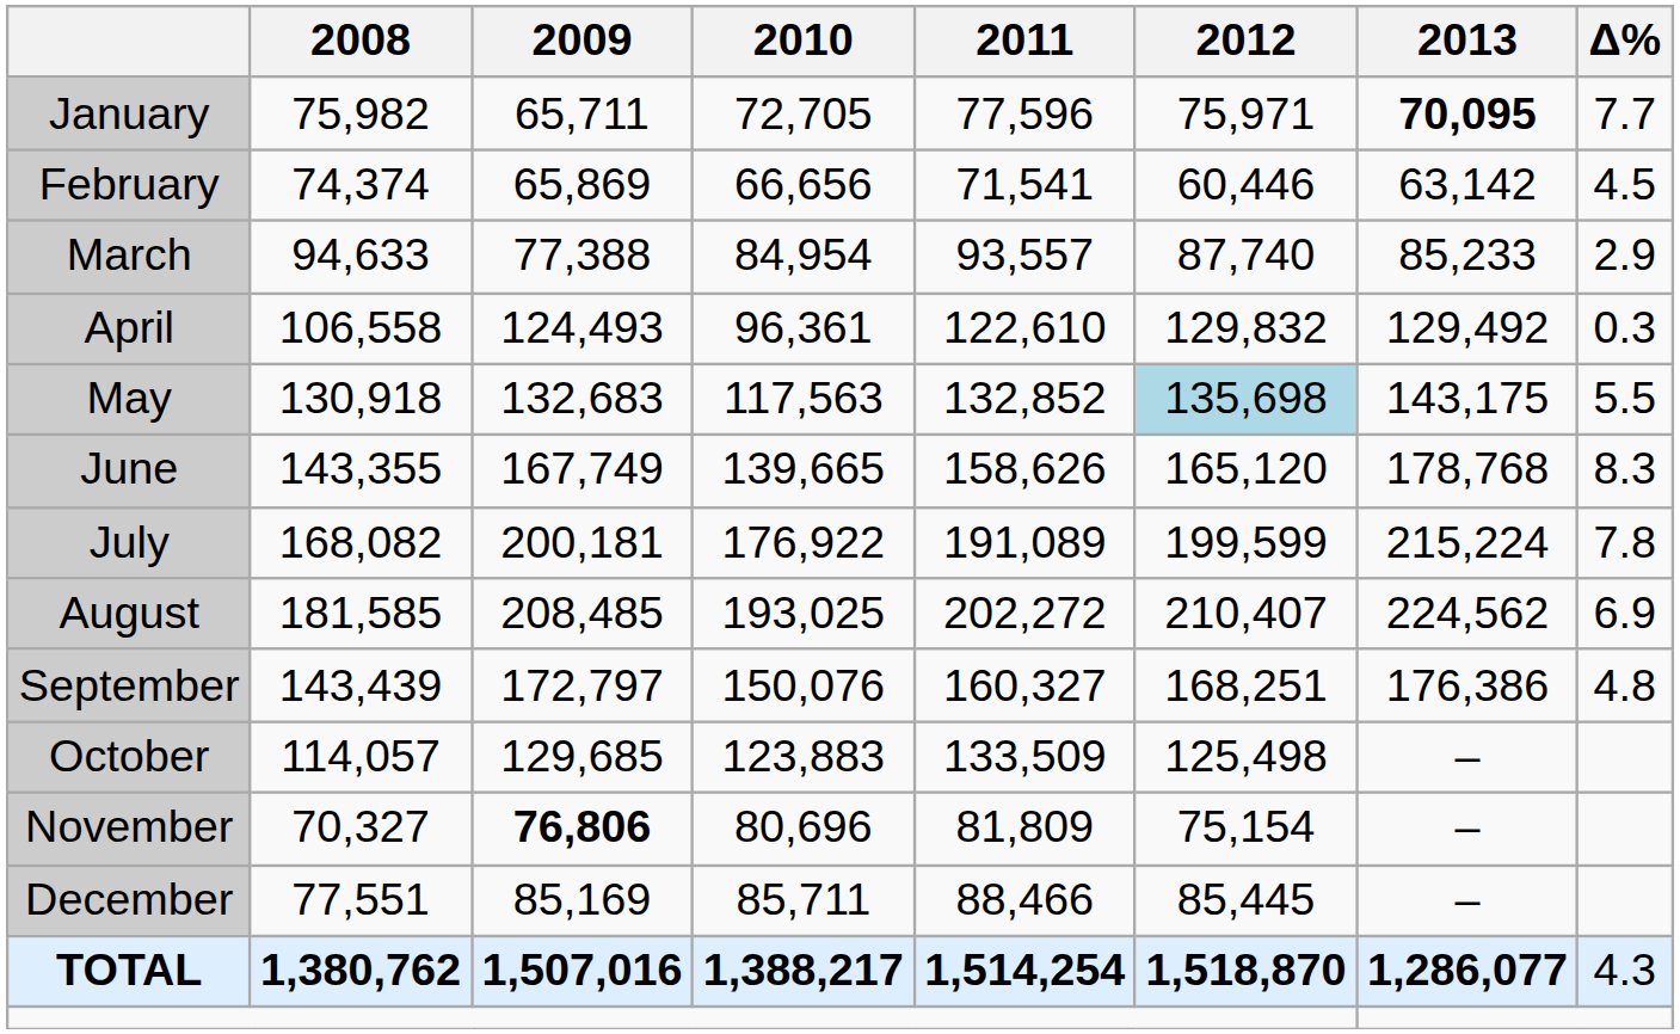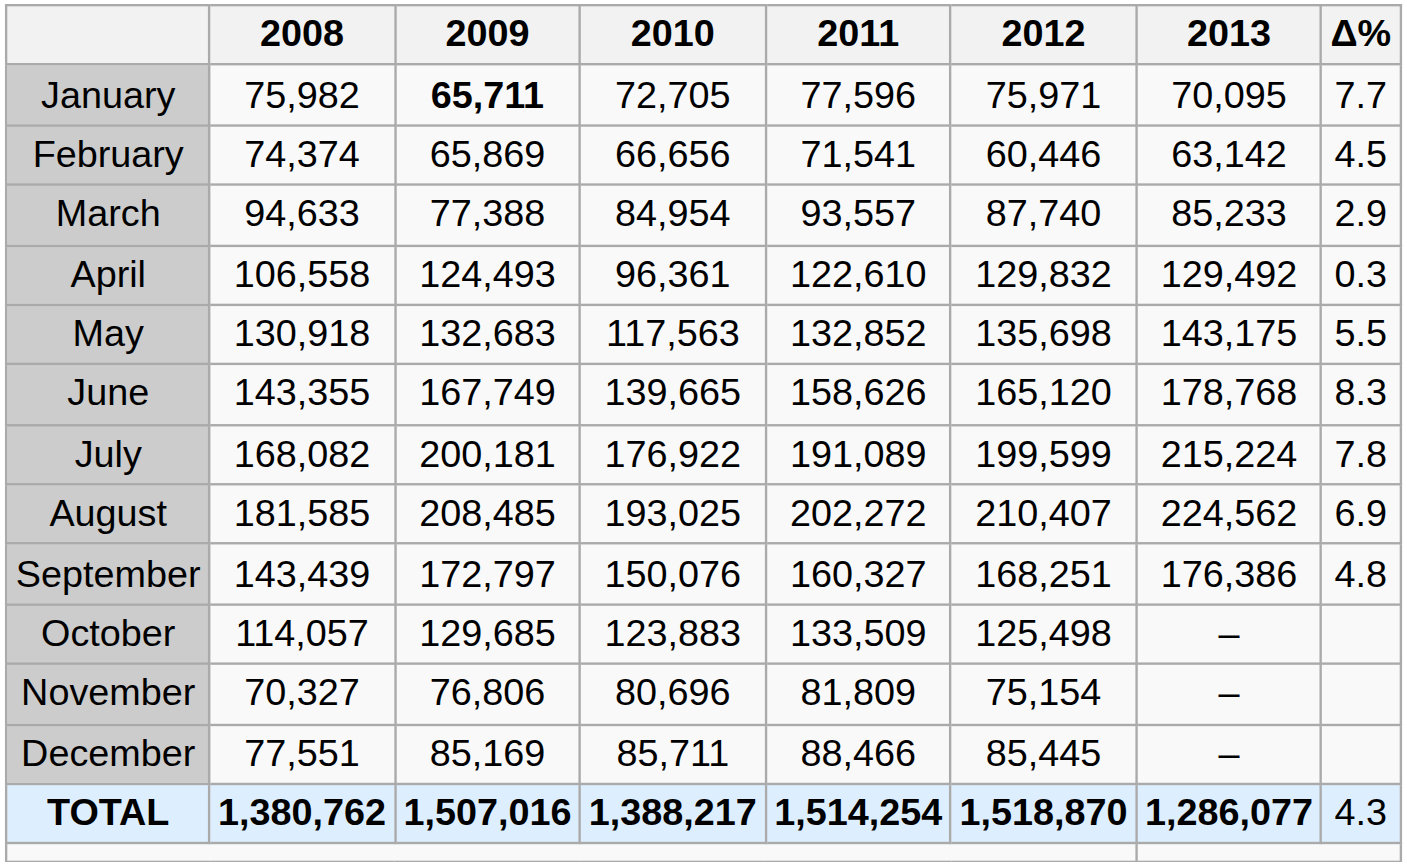 <table class="wikitable" style="margin:0.5em auto; text-align:center;">
 <tr>
 <th> </th>
 <th>2008</th>
 <th>2009</th>
 <th>2010</th>
 <th>2011</th>
 <th>2012</th>
 <th>2013</th>
 <th>Δ%</th>
 </tr>
 <tr>
 <td bgcolor="#CCCCCC">January</td>
 <td>75,982</td>
-<td>65,711</td>
+<td><strong>65,711</strong></td>
 <td>72,705</td>
 <td>77,596</td>
 <td>75,971</td>
-<td><strong>70,095</strong></td>
+<td>70,095</td>
 <td>7.7</td>
 </tr>
 <tr>
 <td bgcolor="#CCCCCC">February</td>
 <td>74,374</td>
 <td>65,869</td>
 <td>66,656</td>
 <td>71,541</td>
 <td>60,446</td>
 <td>63,142</td>
 <td>4.5</td>
 </tr>
 <tr>
 <td bgcolor="#CCCCCC">March</td>
 <td>94,633</td>
 <td>77,388</td>
 <td>84,954</td>
 <td>93,557</td>
 <td>87,740</td>
 <td>85,233</td>
 <td>2.9</td>
 </tr>
 <tr>
 <td bgcolor="#CCCCCC">April</td>
 <td>106,558</td>
 <td>124,493</td>
 <td>96,361</td>
 <td>122,610</td>
 <td>129,832</td>
 <td>129,492</td>
 <td>0.3</td>
 </tr>
 <tr>
 <td bgcolor="#CCCCCC">May</td>
 <td>130,918</td>
 <td>132,683</td>
 <td>117,563</td>
 <td>132,852</td>
-<td style="background: lightblue;">135,698</td>
+<td>135,698</td>
 <td>143,175</td>
 <td>5.5</td>
 </tr>
 <tr>
 <td bgcolor="#CCCCCC">June</td>
 <td>143,355</td>
 <td>167,749</td>
 <td>139,665</td>
 <td>158,626</td>
 <td>165,120</td>
 <td>178,768</td>
 <td>8.3</td>
 </tr>
 <tr>
 <td bgcolor="#CCCCCC">July</td>
 <td>168,082</td>
 <td>200,181</td>
 <td>176,922</td>
 <td>191,089</td>
 <td>199,599</td>
 <td>215,224</td>
 <td>7.8</td>
 </tr>
 <tr>
 <td bgcolor="#CCCCCC">August</td>
 <td>181,585</td>
 <td>208,485</td>
 <td>193,025</td>
 <td>202,272</td>
 <td>210,407</td>
 <td>224,562</td>
 <td>6.9</td>
 </tr>
 <tr>
 <td bgcolor="#CCCCCC">September</td>
 <td>143,439</td>
 <td>172,797</td>
 <td>150,076</td>
 <td>160,327</td>
 <td>168,251</td>
 <td>176,386</td>
 <td>4.8</td>
 </tr>
 <tr>
 <td bgcolor="#CCCCCC">October</td>
 <td>114,057</td>
 <td>129,685</td>
 <td>123,883</td>
 <td>133,509</td>
 <td>125,498</td>
 <td>–</td>
 <td></td>
 </tr>
 <tr>
 <td bgcolor="#CCCCCC">November</td>
 <td>70,327</td>
-<td><strong>76,806</strong></td>
+<td>76,806</td>
 <td>80,696</td>
 <td>81,809</td>
 <td>75,154</td>
 <td>–</td>
 <td></td>
 </tr>
 <tr>
 <td bgcolor="#CCCCCC">December</td>
 <td>77,551</td>
 <td>85,169</td>
 <td>85,711</td>
 <td>88,466</td>
 <td>85,445</td>
 <td>–</td>
 <td></td>
 </tr>
 <tr>
 <td bgcolor="#DDEEFF"><strong>TOTAL</strong></td>
 <td bgcolor="#DDEEFF"><strong>1,380,762</strong></td>
 <td bgcolor="#DDEEFF"><strong>1,507,016</strong></td>
 <td bgcolor="#DDEEFF"><strong>1,388,217</strong></td>
 <td bgcolor="#DDEEFF"><strong>1,514,254</strong></td>
 <td bgcolor="#DDEEFF"><strong>1,518,870</strong></td>
 <td bgcolor="#DDEEFF"><strong>1,286,077 </strong></td>
 <td bgcolor="#DDEEFF">4.3</td>
 </tr>
 <tr>
 <td colspan=6></td>
 </tr>
 </table>
